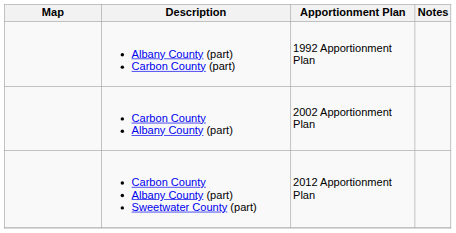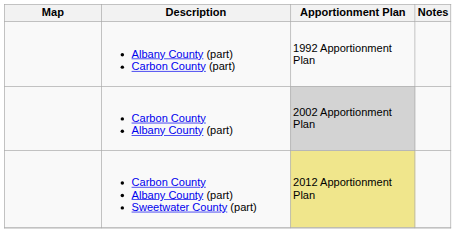 <table class="wikitable sortable">
 <tr>
 <th style="width:100pt;">Map</th>
 <th style="width:200pt;">Description</th>
 <th style="width:130pt;">Apportionment Plan</th>
 <th style="width:15pt;">Notes</th>
 </tr>
 <tr>
 <td></td>
 <td><br><ul><li><a href='#'>Albany County</a> (part)</li><li><a href='#'>Carbon County</a> (part)</li></ul></td>
 <td>1992 Apportionment Plan</td>
 <td></td>
 </tr>
 <tr>
 <td></td>
 <td><br><ul><li><a href='#'>Carbon County</a></li><li><a href='#'>Albany County</a> (part)</li></ul></td>
-<td>2002 Apportionment Plan</td>
+<td style="background: lightgrey;">2002 Apportionment Plan</td>
 <td></td>
 </tr>
 <tr>
 <td></td>
 <td><br><ul><li><a href='#'>Carbon County</a></li><li><a href='#'>Albany County</a> (part)</li><li><a href='#'>Sweetwater County</a> (part)</li></ul></td>
-<td>2012 Apportionment Plan</td>
+<td style="background: khaki;">2012 Apportionment Plan</td>
 <td></td>
 </tr>
 <tr>
 </tr>
 </table>
